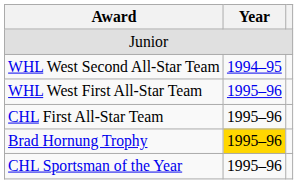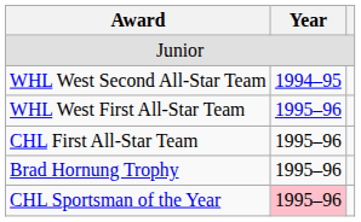 <table class="wikitable">
 <tr>
 <th>Award</th>
 <th>Year</th>
 <th></th>
 </tr>
 <tr ALIGN="center" bgcolor="#e0e0e0">
 <td colspan="3">Junior</td>
 </tr>
 <tr>
 <td><a href='#'>WHL</a> West Second All-Star Team</td>
 <td><a href='#'>1994–95</a></td>
 <td></td>
 </tr>
 <tr>
 <td><a href='#'>WHL</a> West First All-Star Team</td>
 <td><a href='#'>1995–96</a></td>
 <td></td>
 </tr>
 <tr>
 <td><a href='#'>CHL</a> First All-Star Team</td>
 <td>1995–96</td>
 <td></td>
 </tr>
 <tr>
 <td><a href='#'>Brad Hornung Trophy</a></td>
-<td style="background: gold;">1995–96</td>
+<td>1995–96</td>
 <td></td>
 </tr>
 <tr>
 <td><a href='#'>CHL Sportsman of the Year</a></td>
-<td>1995–96</td>
+<td style="background: pink;">1995–96</td>
 <td></td>
 </tr>
 </table>
